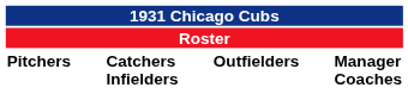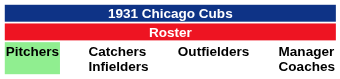 <table class="toccolours" style="font-size: 95%;">
 <tr>
 <th colspan="10" style="background:#0e3386; color:white; text-align:center;">1931 Chicago Cubs</th>
 </tr>
 <tr>
 <td colspan="10" style="background:#ee1422; color:white; text-align:center;"><strong>Roster</strong></td>
 </tr>
 <tr>
-<td valign="top"><strong>Pitchers</strong><br>          </td>
+<td valign="top" style="background: lightgreen;"><strong>Pitchers</strong><br>          </td>
 <td style="width:25px;"></td>
 <td valign="top"><strong>Catchers</strong><br>    <strong>Infielders</strong>        </td>
 <td style="width:25px;"></td>
 <td valign="top"><strong>Outfielders</strong><br>      </td>
 <td style="width:25px;"></td>
 <td valign="top"><strong>Manager</strong><br> <strong>Coaches</strong>  </td>
 </tr>
 </table>
